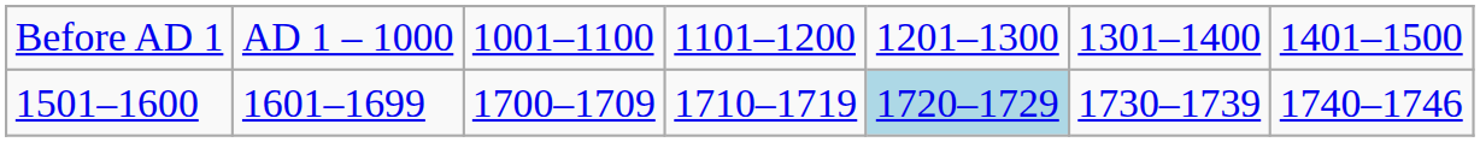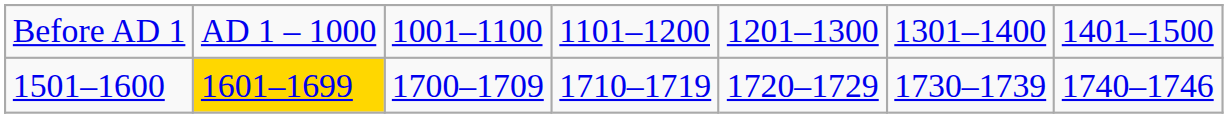 <table class="wikitable">
 <tr>
 <td><a href='#'>Before AD 1</a></td>
 <td><a href='#'>AD 1 – 1000</a></td>
 <td><a href='#'>1001–1100</a></td>
 <td><a href='#'>1101–1200</a></td>
 <td><a href='#'>1201–1300</a></td>
 <td><a href='#'>1301–1400</a></td>
 <td><a href='#'>1401–1500</a></td>
 </tr>
 <tr>
 <td><a href='#'>1501–1600</a></td>
-<td><a href='#'>1601–1699</a></td>
+<td style="background: gold;"><a href='#'>1601–1699</a></td>
 <td><a href='#'>1700–1709</a></td>
 <td><a href='#'>1710–1719</a></td>
-<td style="background: lightblue;"><a href='#'>1720–1729</a></td>
+<td><a href='#'>1720–1729</a></td>
 <td><a href='#'>1730–1739</a></td>
 <td><a href='#'>1740–1746</a></td>
 </tr>
 </table>
